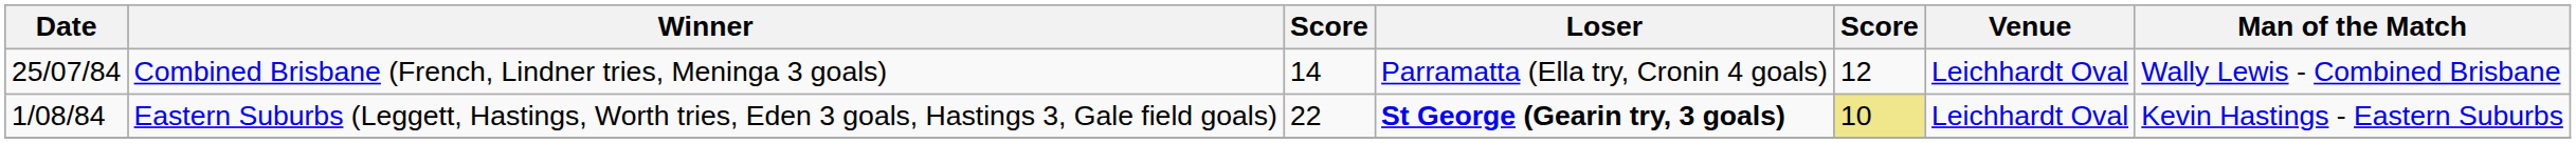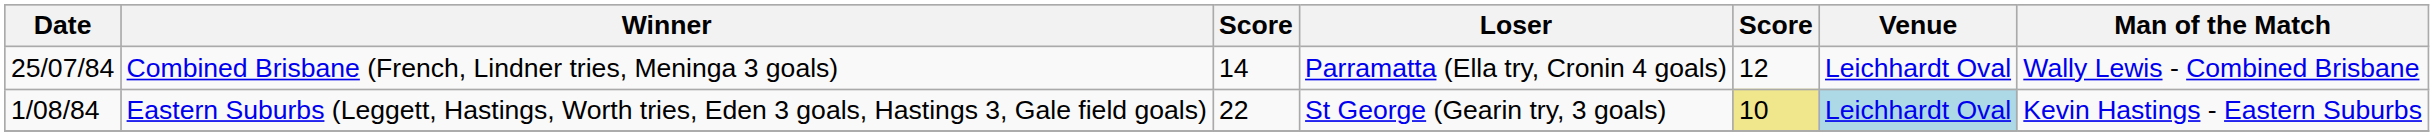 <table class="wikitable">
 <tr>
 <th>Date</th>
 <th>Winner</th>
 <th>Score</th>
 <th>Loser</th>
 <th>Score</th>
 <th>Venue</th>
 <th>Man of the Match</th>
 </tr>
 <tr>
 <td>25/07/84</td>
 <td>  <a href='#'>Combined Brisbane</a> (French, Lindner tries, Meninga 3 goals)</td>
 <td>14</td>
 <td> <a href='#'>Parramatta</a> (Ella try, Cronin 4 goals)</td>
 <td>12</td>
 <td><a href='#'>Leichhardt Oval</a></td>
 <td><a href='#'>Wally Lewis</a> - <a href='#'>Combined Brisbane</a></td>
 </tr>
 <tr>
 <td>1/08/84</td>
 <td> <a href='#'>Eastern Suburbs</a> (Leggett, Hastings, Worth tries, Eden 3 goals, Hastings 3, Gale field goals)</td>
 <td>22</td>
-<td><strong> <a href='#'>St George</a> (Gearin try, 3 goals)</strong></td>
+<td> <a href='#'>St George</a> (Gearin try, 3 goals)</td>
 <td style="background: khaki;">10</td>
-<td><a href='#'>Leichhardt Oval</a></td>
+<td style="background: lightblue;"><a href='#'>Leichhardt Oval</a></td>
 <td><a href='#'>Kevin Hastings</a> - <a href='#'>Eastern Suburbs</a></td>
 </tr>
 <tr>
 </tr>
 </table>
